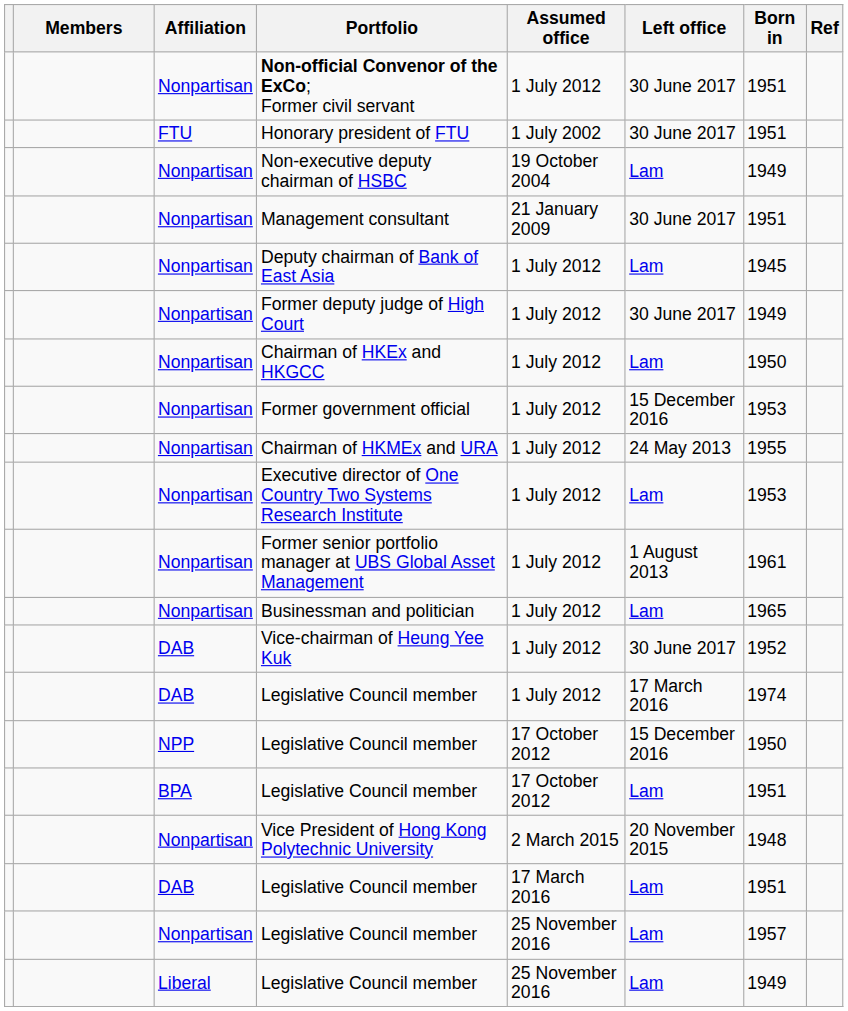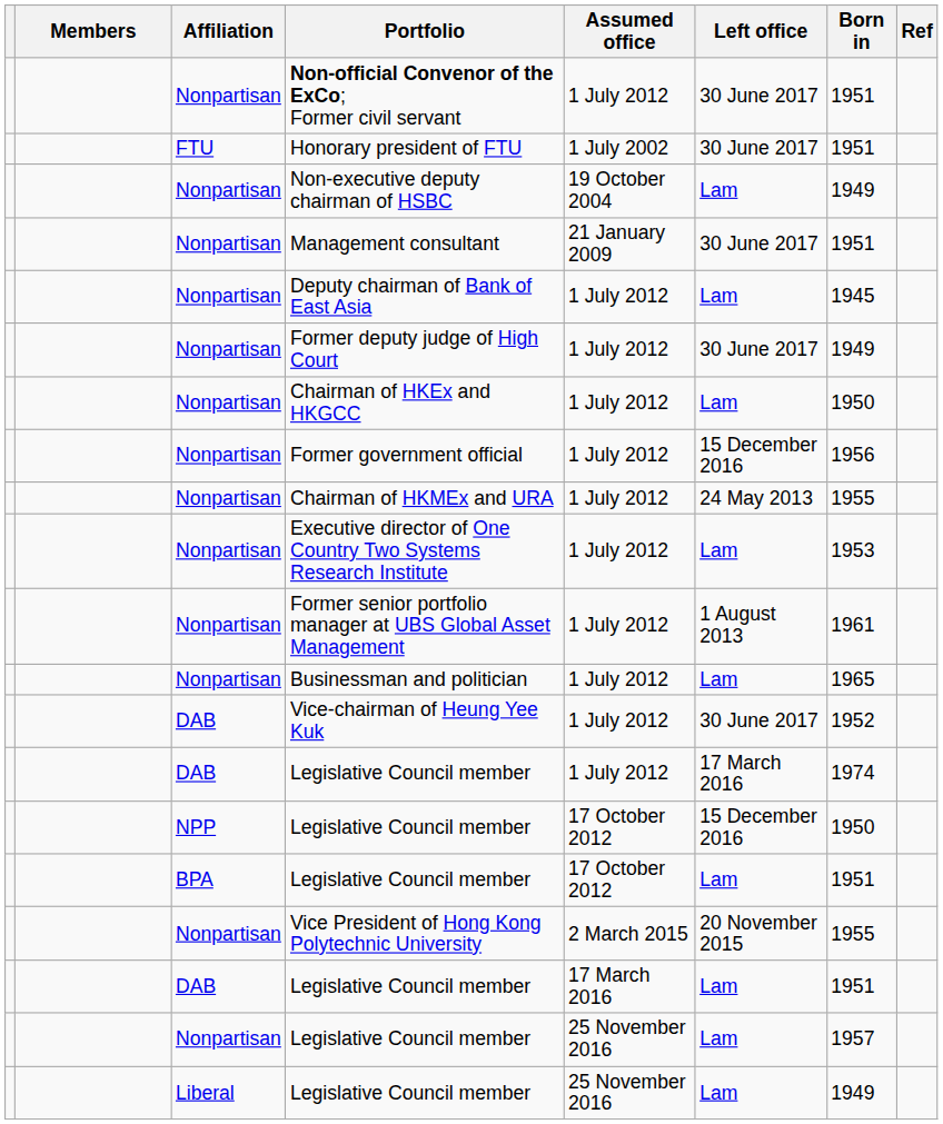 <table class="wikitable">
 <tr>
 <th width="1px" class="unsortable"></th>
 <th width="120px">Members</th>
 <th width="50px">Affiliation</th>
 <th width="220px">Portfolio</th>
 <th width="100px">Assumed office</th>
 <th width="100px">Left office</th>
 <th width="50px">Born in</th>
 <th width="10px" class="unsortable">Ref</th>
 </tr>
 <tr>
 <td style="color:inherit;background:"></td>
 <td></td>
 <td><a href='#'>Nonpartisan</a></td>
 <td><strong>Non-official Convenor of the ExCo</strong>;<br>Former civil servant</td>
 <td>1 July 2012</td>
 <td>30 June 2017</td>
 <td>1951</td>
 <td></td>
 </tr>
 <tr>
 <td style="color:inherit;background:"></td>
 <td></td>
 <td><a href='#'>FTU</a></td>
 <td>Honorary president of <a href='#'>FTU</a></td>
 <td>1 July 2002</td>
 <td>30 June 2017</td>
 <td>1951</td>
 <td></td>
 </tr>
 <tr>
 <td style="color:inherit;background:"></td>
 <td></td>
 <td><a href='#'>Nonpartisan</a></td>
 <td>Non-executive deputy chairman of <a href='#'>HSBC</a></td>
 <td>19 October 2004</td>
 <td><a href='#'>Lam</a></td>
 <td>1949</td>
 <td></td>
 </tr>
 <tr>
 <td style="color:inherit;background:"></td>
 <td></td>
 <td><a href='#'>Nonpartisan</a></td>
 <td>Management consultant</td>
 <td>21 January 2009</td>
 <td>30 June 2017</td>
 <td>1951</td>
 <td></td>
 </tr>
 <tr>
 <td style="color:inherit;background:"></td>
 <td></td>
 <td><a href='#'>Nonpartisan</a></td>
 <td>Deputy chairman of <a href='#'>Bank of East Asia</a></td>
 <td>1 July 2012</td>
 <td><a href='#'>Lam</a></td>
 <td>1945</td>
 <td></td>
 </tr>
 <tr>
 <td style="color:inherit;background:"></td>
 <td></td>
 <td><a href='#'>Nonpartisan</a></td>
 <td>Former deputy judge of <a href='#'>High Court</a></td>
 <td>1 July 2012</td>
 <td>30 June 2017</td>
 <td>1949</td>
 <td></td>
 </tr>
 <tr>
 <td style="color:inherit;background:"></td>
 <td></td>
 <td><a href='#'>Nonpartisan</a></td>
 <td>Chairman of <a href='#'>HKEx</a> and <a href='#'>HKGCC</a></td>
 <td>1 July 2012</td>
 <td><a href='#'>Lam</a></td>
 <td>1950</td>
 <td></td>
 </tr>
 <tr>
 <td style="color:inherit;background:"></td>
 <td></td>
 <td><a href='#'>Nonpartisan</a></td>
 <td>Former government official</td>
 <td>1 July 2012</td>
 <td>15 December 2016</td>
-<td>1953</td>
+<td>1956</td>
 <td></td>
 </tr>
 <tr>
 <td style="color:inherit;background:"></td>
 <td></td>
 <td><a href='#'>Nonpartisan</a></td>
 <td>Chairman of <a href='#'>HKMEx</a> and <a href='#'>URA</a></td>
 <td>1 July 2012</td>
 <td>24 May 2013</td>
 <td>1955</td>
 <td></td>
 </tr>
 <tr>
 <td style="color:inherit;background:"></td>
 <td></td>
 <td><a href='#'>Nonpartisan</a></td>
 <td>Executive director of <a href='#'>One Country Two Systems Research Institute</a></td>
 <td>1 July 2012</td>
 <td><a href='#'>Lam</a></td>
 <td>1953</td>
 <td></td>
 </tr>
 <tr>
 <td style="color:inherit;background:"></td>
 <td></td>
 <td><a href='#'>Nonpartisan</a></td>
 <td>Former senior portfolio manager at <a href='#'>UBS Global Asset Management</a></td>
 <td>1 July 2012</td>
 <td>1 August 2013</td>
 <td>1961</td>
 <td></td>
 </tr>
 <tr>
 <td style="color:inherit;background:"></td>
 <td></td>
 <td><a href='#'>Nonpartisan</a></td>
 <td>Businessman and politician</td>
 <td>1 July 2012</td>
 <td><a href='#'>Lam</a></td>
 <td>1965</td>
 <td></td>
 </tr>
 <tr>
 <td style="color:inherit;background:"></td>
 <td></td>
 <td><a href='#'>DAB</a></td>
 <td>Vice-chairman of <a href='#'>Heung Yee Kuk</a></td>
 <td>1 July 2012</td>
 <td>30 June 2017</td>
 <td>1952</td>
 <td></td>
 </tr>
 <tr>
 <td style="color:inherit;background:"></td>
 <td></td>
 <td><a href='#'>DAB</a></td>
 <td>Legislative Council member</td>
 <td>1 July 2012</td>
 <td>17 March 2016</td>
 <td>1974</td>
 <td></td>
 </tr>
 <tr>
 <td style="color:inherit;background:"></td>
 <td></td>
 <td><a href='#'>NPP</a></td>
 <td>Legislative Council member</td>
 <td>17 October 2012</td>
 <td>15 December 2016</td>
 <td>1950</td>
 <td></td>
 </tr>
 <tr>
 <td style="color:inherit;background:"></td>
 <td></td>
 <td><a href='#'>BPA</a></td>
 <td>Legislative Council member</td>
 <td>17 October 2012</td>
 <td><a href='#'>Lam</a></td>
 <td>1951</td>
 <td></td>
 </tr>
 <tr>
 <td style="color:inherit;background:"></td>
 <td></td>
 <td><a href='#'>Nonpartisan</a></td>
 <td>Vice President of <a href='#'>Hong Kong Polytechnic University</a></td>
 <td>2 March 2015</td>
 <td>20 November 2015</td>
-<td>1948</td>
+<td>1955</td>
 <td></td>
 </tr>
 <tr>
 <td style="color:inherit;background:"></td>
 <td></td>
 <td><a href='#'>DAB</a></td>
 <td>Legislative Council member</td>
 <td>17 March 2016</td>
 <td><a href='#'>Lam</a></td>
 <td>1951</td>
 <td></td>
 </tr>
 <tr>
 <td style="color:inherit;background:"></td>
 <td></td>
 <td><a href='#'>Nonpartisan</a></td>
 <td>Legislative Council member</td>
 <td>25 November 2016</td>
 <td><a href='#'>Lam</a></td>
 <td>1957</td>
 <td></td>
 </tr>
 <tr>
 <td style="color:inherit;background:"></td>
 <td></td>
 <td><a href='#'>Liberal</a></td>
 <td>Legislative Council member</td>
 <td>25 November 2016</td>
 <td><a href='#'>Lam</a></td>
 <td>1949</td>
 <td></td>
 </tr>
 <tr>
 </tr>
 </table>
